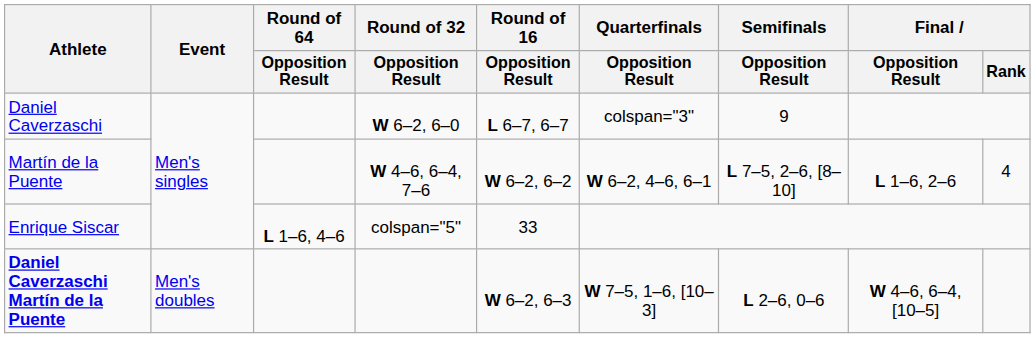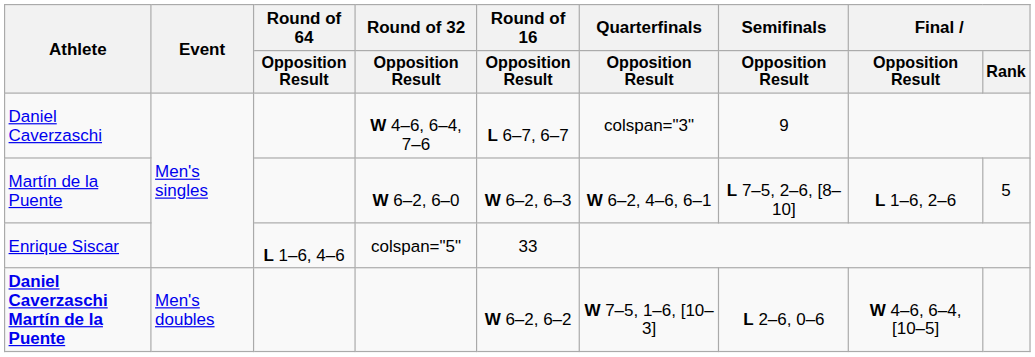 <table class="wikitable" style="font-size:90%;">
 <tr>
 <th rowspan=2>Athlete</th>
 <th rowspan=2>Event</th>
 <th>Round of 64</th>
 <th>Round of 32</th>
 <th>Round of 16</th>
 <th>Quarterfinals</th>
 <th>Semifinals</th>
 <th colspan=2>Final / </th>
 </tr>
 <tr style="font-size:95%">
 <th>Opposition<br>Result</th>
 <th>Opposition<br>Result</th>
 <th>Opposition<br>Result</th>
 <th>Opposition<br>Result</th>
 <th>Opposition<br>Result</th>
 <th>Opposition<br>Result</th>
 <th>Rank</th>
 </tr>
 <tr align=center>
 <td align=left><a href='#'>Daniel Caverzaschi</a></td>
 <td align=left rowspan=3><a href='#'>Men's singles</a></td>
 <td></td>
-<td><br><strong>W</strong> 6–2, 6–0</td>
+<td><br><strong>W</strong> 4–6, 6–4, 7–6</td>
 <td><br><strong>L</strong> 6–7, 6–7</td>
 <td>colspan="3" </td>
 <td>9</td>
 </tr>
 <tr align=center>
 <td align=left><a href='#'>Martín de la Puente</a></td>
 <td></td>
-<td><br><strong>W</strong> 4–6, 6–4, 7–6</td>
-<td><br><strong>W</strong> 6–2, 6–2</td>
+<td><br><strong>W</strong> 6–2, 6–0</td>
+<td><br><strong>W</strong> 6–2, 6–3</td>
 <td><br><strong>W</strong> 6–2, 4–6, 6–1</td>
 <td><br><strong>L</strong> 7–5, 2–6, [8–10]</td>
 <td><br><strong>L</strong> 1–6, 2–6</td>
-<td>4</td>
+<td>5</td>
 </tr>
 <tr align=center>
 <td align=left><a href='#'>Enrique Siscar</a></td>
 <td><br><strong>L</strong> 1–6, 4–6</td>
 <td>colspan="5" </td>
 <td>33</td>
 </tr>
 <tr align=center>
 <td align=left><strong><a href='#'>Daniel Caverzaschi</a><br><a href='#'>Martín de la Puente</a></strong></td>
 <td align=left><a href='#'>Men's doubles</a></td>
 <td></td>
 <td></td>
-<td><br><strong>W</strong> 6–2, 6–3</td>
+<td><br><strong>W</strong> 6–2, 6–2</td>
 <td><br><strong>W</strong> 7–5, 1–6, [10–3]</td>
 <td><br><strong>L</strong> 2–6, 0–6</td>
 <td><br><strong>W</strong> 4–6, 6–4, [10–5]</td>
 <td></td>
 </tr>
 </table>
